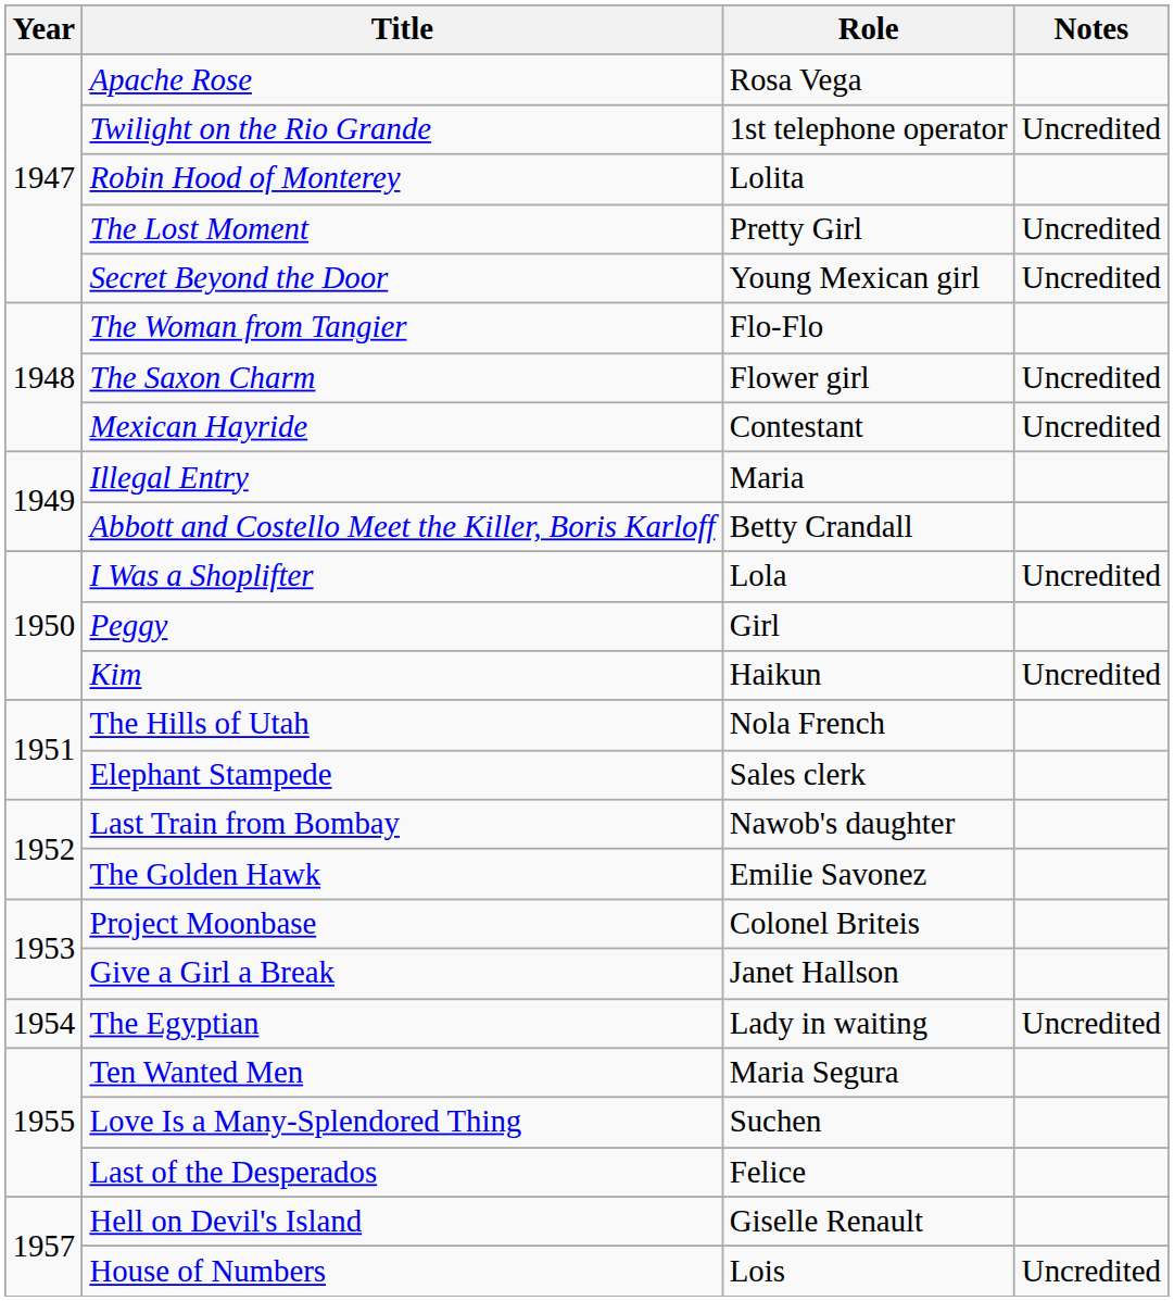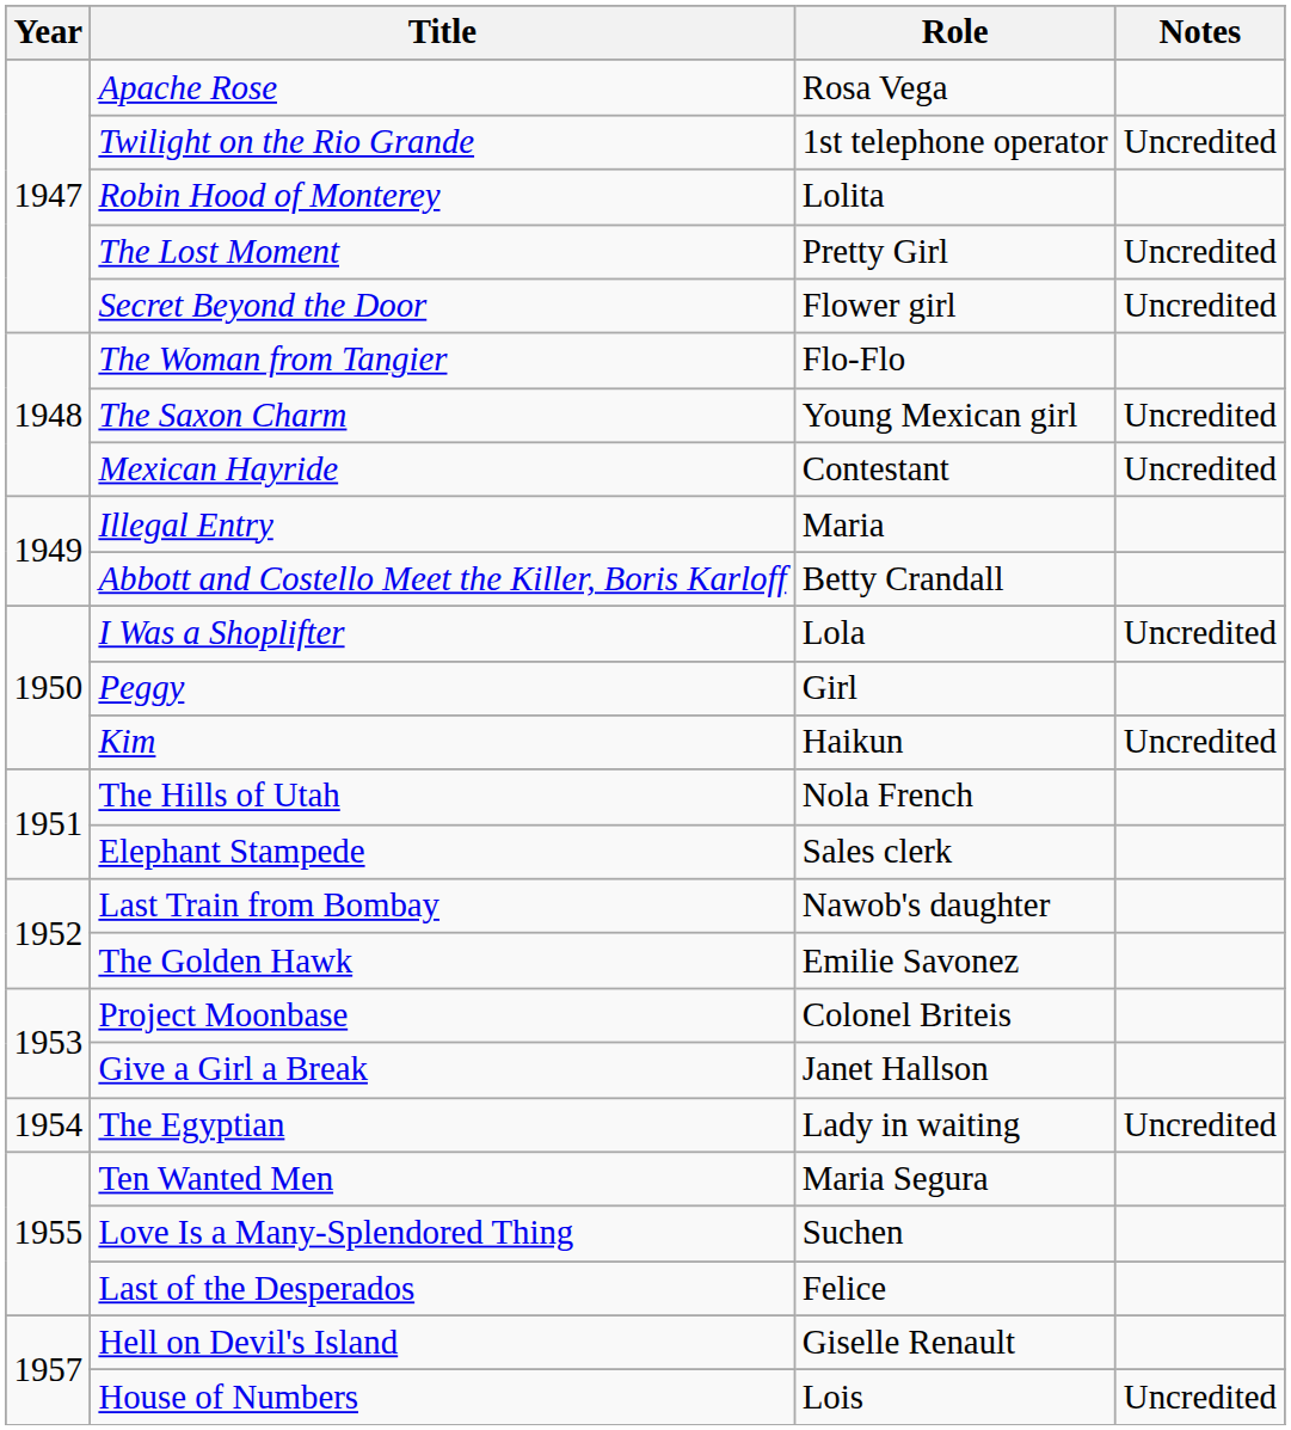 <table class="wikitable">
 <tr>
 <th>Year</th>
 <th>Title</th>
 <th>Role</th>
 <th>Notes</th>
 </tr>
 <tr>
 <td rowspan=5>1947</td>
 <td><em><a href='#'>Apache Rose</a></em></td>
 <td>Rosa Vega</td>
 <td></td>
 </tr>
 <tr>
 <td><em><a href='#'>Twilight on the Rio Grande</a></em></td>
 <td>1st telephone operator</td>
 <td>Uncredited</td>
 </tr>
 <tr>
 <td><em><a href='#'>Robin Hood of Monterey</a></em></td>
 <td>Lolita</td>
 <td></td>
 </tr>
 <tr>
 <td><em><a href='#'>The Lost Moment</a></em></td>
 <td>Pretty Girl</td>
 <td>Uncredited</td>
 </tr>
 <tr>
 <td><em><a href='#'>Secret Beyond the Door</a></em></td>
-<td>Young Mexican girl</td>
+<td>Flower girl</td>
 <td>Uncredited</td>
 </tr>
 <tr>
 <td rowspan=3>1948</td>
 <td><em><a href='#'>The Woman from Tangier</a></em></td>
 <td>Flo-Flo</td>
 <td></td>
 </tr>
 <tr>
 <td><em><a href='#'>The Saxon Charm</a></em></td>
-<td>Flower girl</td>
+<td>Young Mexican girl</td>
 <td>Uncredited</td>
 </tr>
 <tr>
 <td><em><a href='#'>Mexican Hayride</a></em></td>
 <td>Contestant</td>
 <td>Uncredited</td>
 </tr>
 <tr>
 <td rowspan=2>1949</td>
 <td><em><a href='#'>Illegal Entry</a></em></td>
 <td>Maria</td>
 <td></td>
 </tr>
 <tr>
 <td><em><a href='#'>Abbott and Costello Meet the Killer, Boris Karloff</a></em></td>
 <td>Betty Crandall</td>
 <td></td>
 </tr>
 <tr>
 <td rowspan=3>1950</td>
 <td><em><a href='#'>I Was a Shoplifter</a></em></td>
 <td>Lola</td>
 <td>Uncredited</td>
 </tr>
 <tr>
 <td><em><a href='#'>Peggy</a></em></td>
 <td>Girl</td>
 <td></td>
 </tr>
 <tr>
 <td><em><a href='#'>Kim</a></td>
 <td>Haikun</td>
 <td>Uncredited</td>
 </tr>
 <tr>
 <td rowspan=2>1951</td>
 <td></em><a href='#'>The Hills of Utah</a><em></td>
 <td>Nola French</td>
 <td></td>
 </tr>
 <tr>
 <td></em><a href='#'>Elephant Stampede</a><em></td>
 <td>Sales clerk</td>
 <td></td>
 </tr>
 <tr>
 <td rowspan=2>1952</td>
 <td></em><a href='#'>Last Train from Bombay</a><em></td>
 <td>Nawob's daughter</td>
 <td></td>
 </tr>
 <tr>
 <td></em><a href='#'>The Golden Hawk</a><em></td>
 <td>Emilie Savonez</td>
 <td></td>
 </tr>
 <tr>
 <td rowspan=2>1953</td>
 <td></em><a href='#'>Project Moonbase</a><em></td>
 <td>Colonel Briteis</td>
 <td></td>
 </tr>
 <tr>
 <td></em><a href='#'>Give a Girl a Break</a><em></td>
 <td>Janet Hallson</td>
 <td></td>
 </tr>
 <tr>
 <td>1954</td>
 <td></em><a href='#'>The Egyptian</a><em></td>
 <td>Lady in waiting</td>
 <td>Uncredited</td>
 </tr>
 <tr>
 <td rowspan=3>1955</td>
 <td></em><a href='#'>Ten Wanted Men</a><em></td>
 <td>Maria Segura</td>
 <td></td>
 </tr>
 <tr>
 <td></em><a href='#'>Love Is a Many-Splendored Thing</a><em></td>
 <td>Suchen</td>
 <td></td>
 </tr>
 <tr>
 <td></em><a href='#'>Last of the Desperados</a><em></td>
 <td>Felice</td>
 <td></td>
 </tr>
 <tr>
 <td rowspan=2>1957</td>
 <td></em><a href='#'>Hell on Devil's Island</a><em></td>
 <td>Giselle Renault</td>
 <td></td>
 </tr>
 <tr>
 <td></em><a href='#'>House of Numbers</a><em></td>
 <td>Lois</td>
 <td>Uncredited</td>
 </tr>
 <tr>
 </tr>
 </table>
